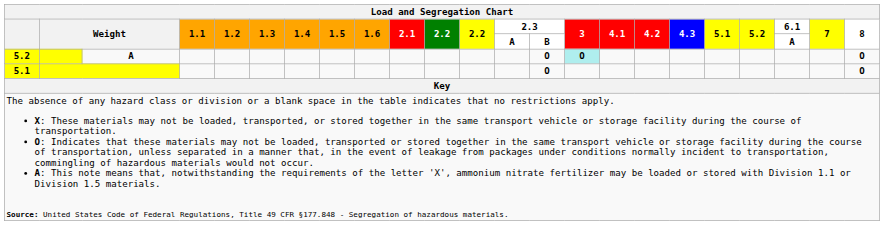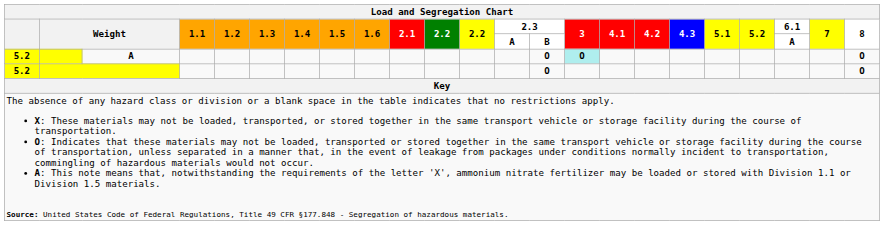 <table width=99% align=center class=wikitable>
 <tr>
 <th colspan=23>Load and Segregation Chart</th>
 </tr>
 <tr>
 <th rowspan=2 width=4%> </th>
 <th rowspan=2 colspan=2><strong>Weight</strong></th>
 <td rowspan=2 style="text-align:center;background-color:orange;" width=4%><strong>1.1</strong></td>
 <td rowspan=2 style="text-align:center;background-color:orange;" width=4%><strong>1.2</strong></td>
 <td rowspan=2 style="text-align:center;background-color:orange;" width=4%><strong>1.3</strong></td>
 <td rowspan=2 style="text-align:center;background-color:orange;" width=4%><strong>1.4</strong></td>
 <td rowspan=2 style="text-align:center;background-color:orange;" width=4%><strong>1.5</strong></td>
 <td rowspan=2 style="text-align:center;background-color:orange;" width=4%><strong>1.6</strong></td>
 <td rowspan=2 style="text-align:center;background-color:red;color:white;" width=4%><strong>2.1</strong></td>
 <td rowspan=2 style="text-align:center;background-color:green;color:white;" width=4%><strong>2.2</strong></td>
 <td rowspan=2 style="text-align:center;background-color:yellow;" width=4%><strong>2.2</strong></td>
 <td colspan=2 style="text-align:center;background-color:white;" width=8%><strong>2.3</strong></td>
 <td rowspan=2 style="text-align:center;background-color:red;color:white;" width=4%><strong>3</strong></td>
 <td rowspan=2 style="text-align:center;background-color:red;color:white;" width=4%><strong>4.1</strong></td>
 <td rowspan=2 style="text-align:center;background-color:red;color:white;" width=4%><strong>4.2</strong></td>
 <td rowspan=2 style="text-align:center;background-color:blue;color:white;" width=4%><strong>4.3</strong></td>
 <td rowspan=2 style="text-align:center;background-color:yellow;" width=4%><strong>5.1</strong></td>
 <td rowspan=2 style="text-align:center;background-color:yellow;" width=4%><strong>5.2</strong></td>
 <td style="text-align:center;background-color:white;" width=4%><strong>6.1</strong></td>
 <td rowspan=2 style="text-align:center;background-color:yellow;" width=4%><strong>7</strong></td>
 <td rowspan=2 style="text-align:center;background-color:white;" width=4%><strong>8</strong></td>
 </tr>
 <tr>
 <td style="text-align:center;background-color:white;" width=4%><strong>A</strong></td>
 <td style="text-align:center;background-color:white;" width=4%><strong>B</strong></td>
 <td style="text-align:center;background-color:white;"><strong>A</strong></td>
 </tr>
 <tr>
 <td style="text-align:center;background-color:yellow;"><strong>5.2</strong></td>
 <td style="text-align:center;background-color:yellow;"><strong></strong></td>
 <td style="text-align:center"><strong>A</strong></td>
 <td></td>
 <td></td>
 <td></td>
 <td style="text-align:center;"> </td>
 <td></td>
 <td style="text-align:center;"> </td>
 <td style="text-align:center;"> </td>
 <td style="text-align:center;"> </td>
 <td style="text-align:center;"> </td>
 <td></td>
 <td style="text-align:center;"><strong>O</strong></td>
 <td style="background: paleturquoise; text-align:center;"><strong>O</strong></td>
 <td style="text-align:center;"> </td>
 <td style="text-align:center;"> </td>
 <td style="text-align:center;"> </td>
 <td style="text-align:center;"> </td>
 <td style="text-align:center;"> </td>
 <td></td>
 <td style="text-align:center;"> </td>
 <td style="text-align:center;"><strong>O</strong></td>
 </tr>
 <tr>
-<td style="text-align:center;background-color:yellow;"><strong>5.1</strong></td>
+<td style="text-align:center;background-color:yellow;"><strong>5.2</strong></td>
 <td colspan=2 style="text-align:center;background-color:yellow;"><strong></strong></td>
 <td></td>
 <td></td>
 <td></td>
 <td style="text-align:center;"> </td>
 <td></td>
 <td style="text-align:center;"> </td>
 <td style="text-align:center;"> </td>
 <td style="text-align:center;"> </td>
 <td style="text-align:center;"> </td>
 <td></td>
 <td style="text-align:center;"><strong>O</strong></td>
 <td style="text-align:center;"> </td>
 <td style="text-align:center;"> </td>
 <td style="text-align:center;"> </td>
 <td style="text-align:center;"> </td>
 <td style="text-align:center;"> </td>
 <td style="text-align:center;"> </td>
 <td></td>
 <td style="text-align:center;"> </td>
 <td style="text-align:center;"><strong>O</strong></td>
 </tr>
 <tr>
 <th colspan=23>Key</th>
 </tr>
 <tr>
 <td colspan=23>The absence of any hazard class or division or a blank space in the table indicates that no restrictions apply.<br><ul><li><strong>X</strong>: These materials may not be loaded, transported, or stored together in the same transport vehicle or storage facility during the course of transportation.</li><li><strong>O</strong>: Indicates that these materials may not be loaded, transported or stored together in the same transport vehicle or storage facility during the course of transportation, unless separated in a manner that, in the event of leakage from packages under conditions normally incident to transportation, commingling of hazardous materials would not occur.</li><li><strong>A</strong>: This note means that, notwithstanding the requirements of the letter 'X', ammonium nitrate fertilizer may be loaded or stored with Division 1.1 or Division 1.5 materials.</li></ul><br><small><strong>Source:</strong> United States Code of Federal Regulations, Title 49 CFR §177.848 - Segregation of hazardous materials. </small></td>
 </tr>
 </table>
